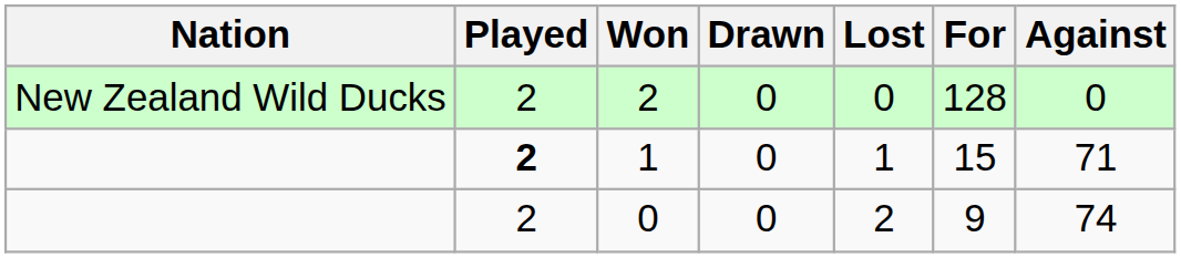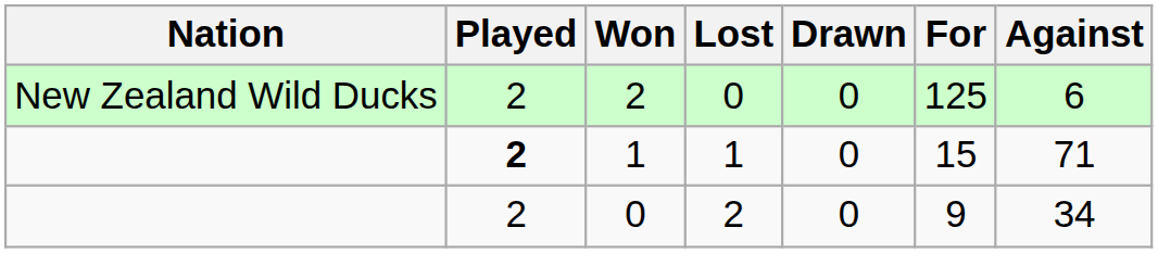 <table class="wikitable" style="text-align:center;">
 <tr>
 <th>Nation</th>
 <th>Played</th>
 <th>Won</th>
+<th>Lost</th>
 <th>Drawn</th>
-<th>Lost</th>
 <th>For</th>
 <th>Against</th>
 </tr>
 <tr bgcolor=ccffcc>
 <td align=left> New Zealand Wild Ducks</td>
 <td>2</td>
 <td>2</td>
 <td>0</td>
 <td>0</td>
-<td>128</td>
-<td>0</td>
+<td>125</td>
+<td>6</td>
 </tr>
 <tr>
 <td align=left></td>
 <td><strong>2</strong></td>
 <td>1</td>
+<td>1</td>
 <td>0</td>
-<td>1</td>
 <td>15</td>
 <td>71</td>
 </tr>
 <tr>
 <td align=left></td>
 <td>2</td>
 <td>0</td>
+<td>2</td>
 <td>0</td>
-<td>2</td>
 <td>9</td>
-<td>74</td>
+<td>34</td>
 </tr>
 </table>
